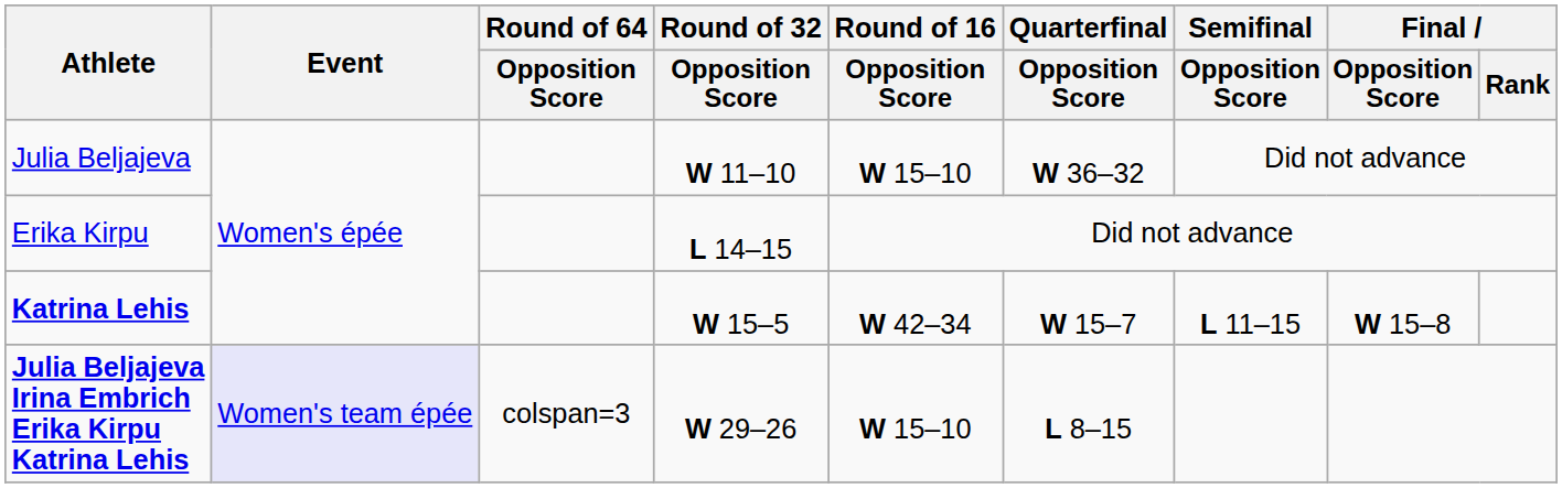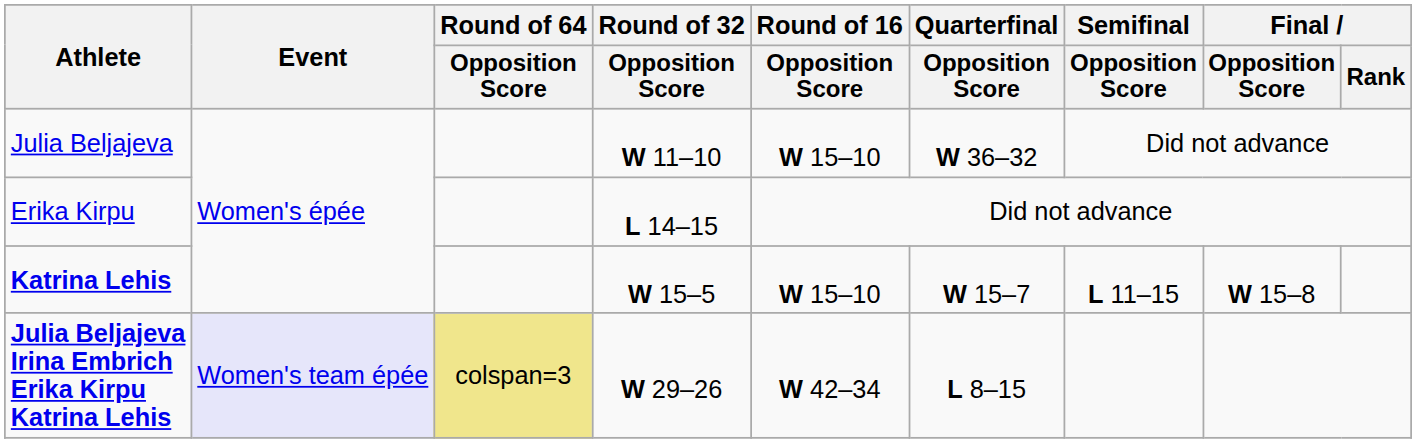 <table class="wikitable" style="font-size:90%">
 <tr>
 <th rowspan="2">Athlete</th>
 <th rowspan="2">Event</th>
 <th>Round of 64</th>
 <th>Round of 32</th>
 <th>Round of 16</th>
 <th>Quarterfinal</th>
 <th>Semifinal</th>
 <th colspan=2>Final / </th>
 </tr>
 <tr style="font-size:95%">
 <th>Opposition <br> Score</th>
 <th>Opposition <br> Score</th>
 <th>Opposition <br> Score</th>
 <th>Opposition <br> Score</th>
 <th>Opposition <br> Score</th>
 <th>Opposition <br> Score</th>
 <th>Rank</th>
 </tr>
 <tr align=center>
 <td align=left><a href='#'>Julia Beljajeva</a></td>
 <td align=left rowspan=3><a href='#'>Women's épée</a></td>
 <td></td>
 <td><br><strong>W</strong> 11–10</td>
 <td><br><strong>W</strong> 15–10</td>
 <td><br><strong>W</strong> 36–32</td>
 <td colspan=3>Did not advance</td>
 </tr>
 <tr align=center>
 <td align=left><a href='#'>Erika Kirpu</a></td>
 <td></td>
 <td><br><strong>L</strong> 14–15</td>
 <td colspan=5>Did not advance</td>
 </tr>
 <tr align=center>
 <td align=left><strong><a href='#'>Katrina Lehis</a></strong></td>
 <td></td>
 <td><br><strong>W</strong> 15–5</td>
-<td><br><strong>W</strong> 42–34</td>
+<td><br><strong>W</strong> 15–10</td>
 <td><br><strong>W</strong> 15–7</td>
 <td><br><strong>L</strong> 11–15</td>
 <td><br><strong>W</strong> 15–8</td>
 <td></td>
 </tr>
 <tr align=center>
 <td align=left><strong><a href='#'>Julia Beljajeva</a><br><a href='#'>Irina Embrich</a><br><a href='#'>Erika Kirpu</a><br><a href='#'>Katrina Lehis</a></strong></td>
 <td align=left style="background: lavender;"><a href='#'>Women's team épée</a></td>
-<td>colspan=3 </td>
+<td style="background: khaki;">colspan=3 </td>
 <td><br><strong>W</strong> 29–26</td>
-<td><br><strong>W</strong> 15–10</td>
+<td><br><strong>W</strong> 42–34</td>
 <td><br><strong>L</strong> 8–15</td>
 <td></td>
 </tr>
 </table>
